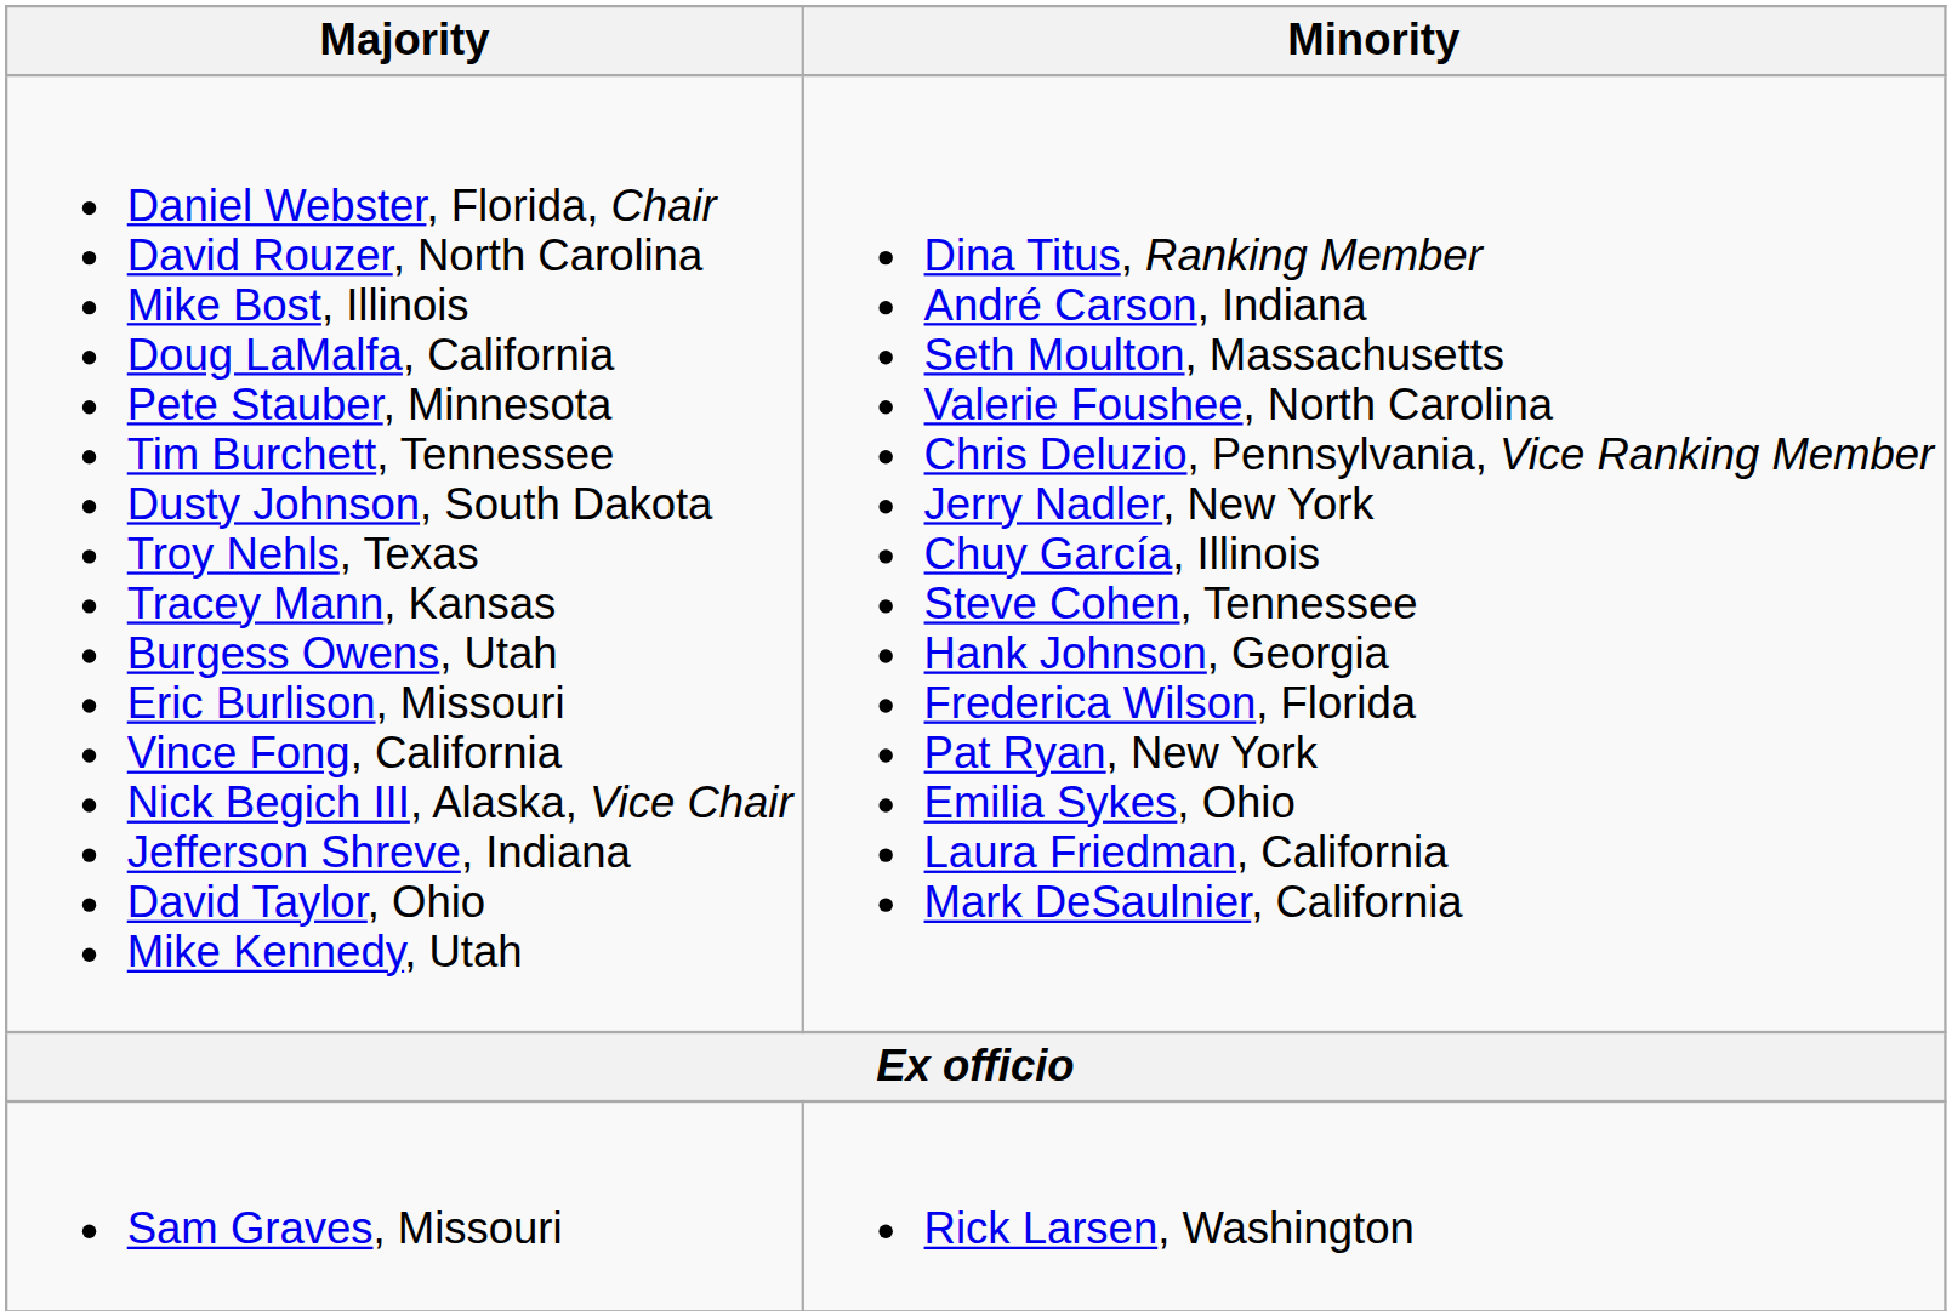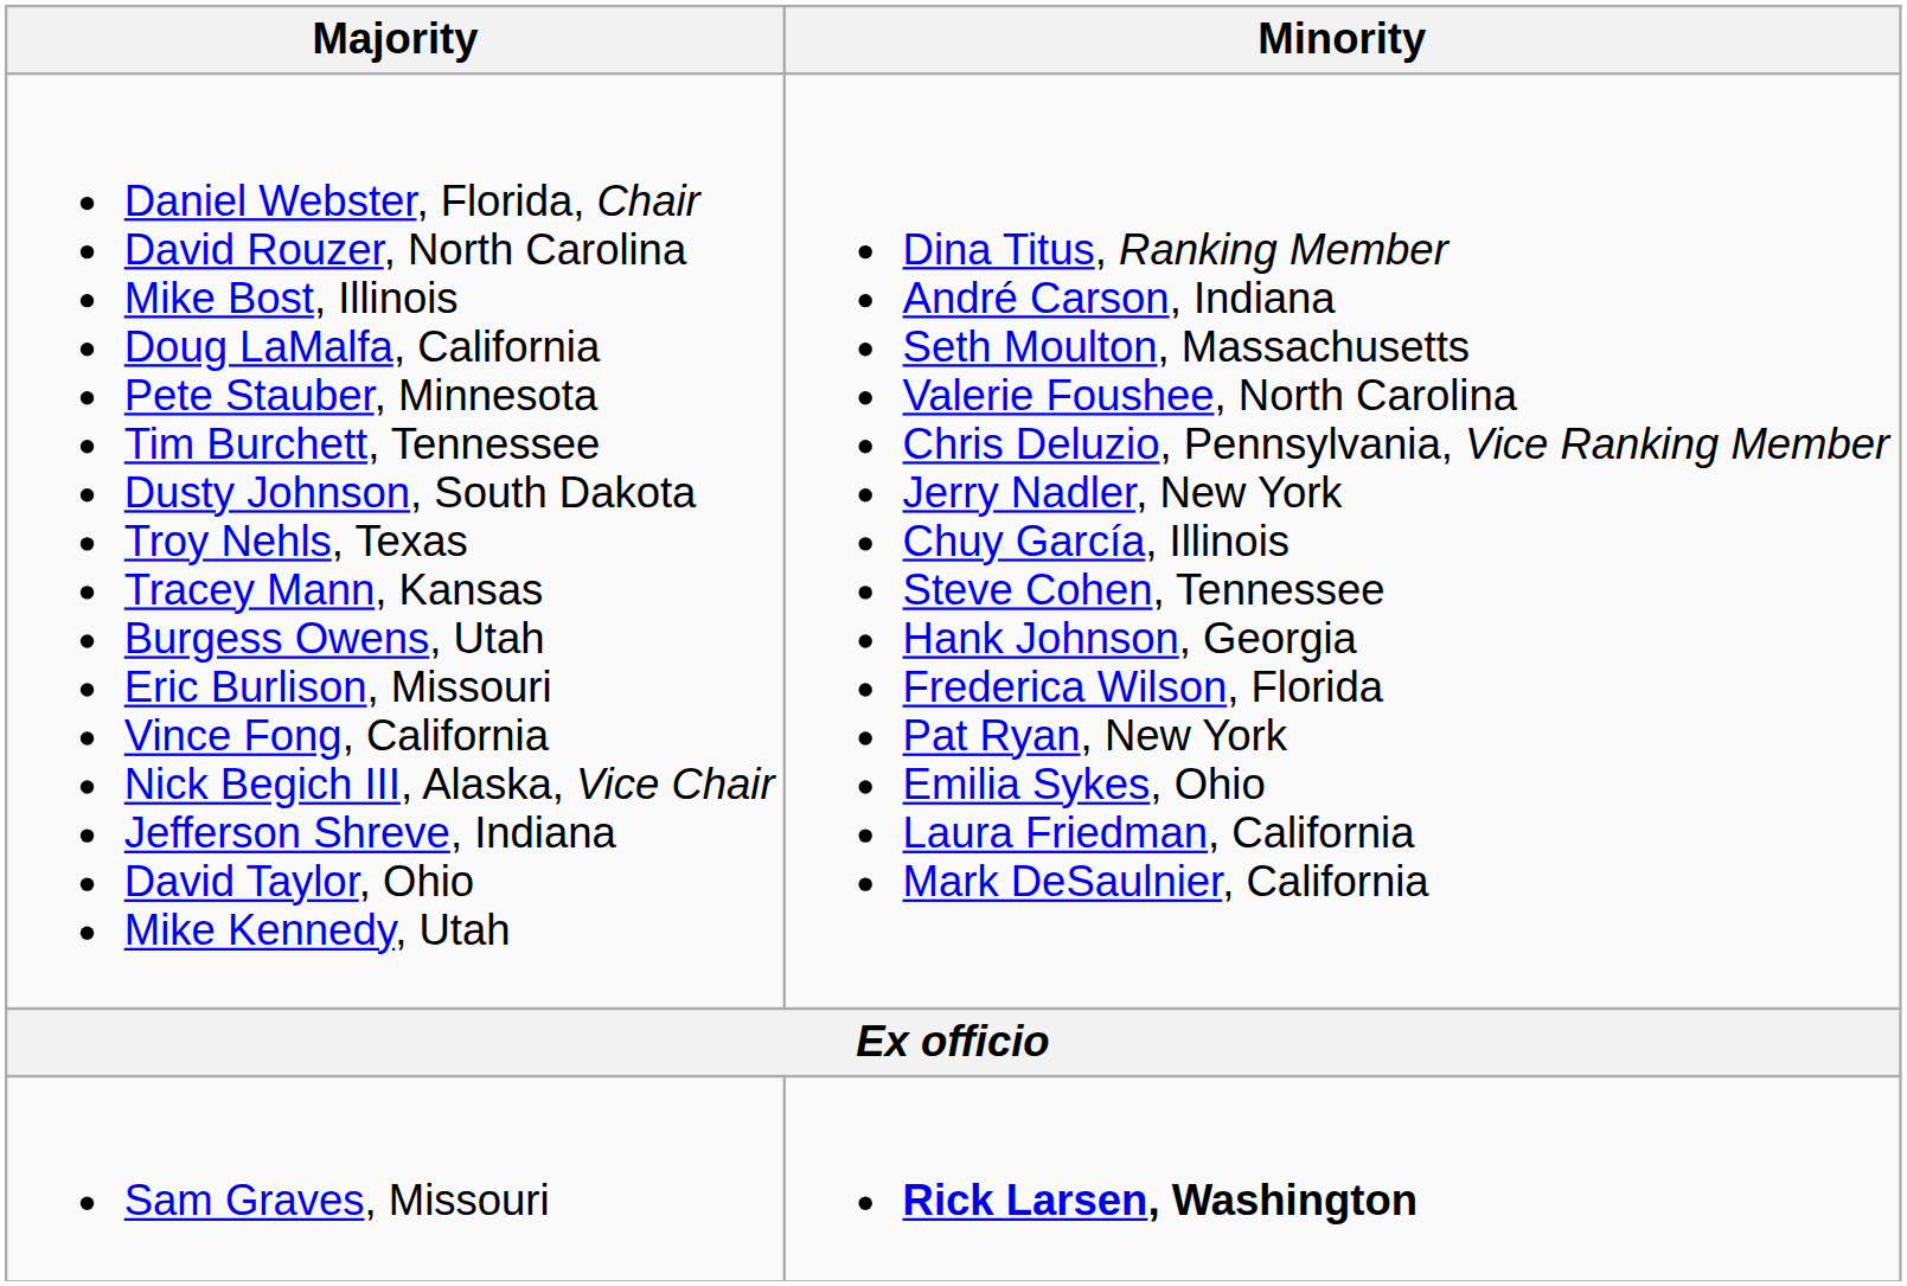 <table class=wikitable>
 <tr>
 <th>Majority</th>
 <th>Minority</th>
 </tr>
 <tr>
 <td><br><ul><li><a href='#'>Daniel Webster</a>, Florida, <em>Chair</em></li><li><a href='#'>David Rouzer</a>, North Carolina</li><li><a href='#'>Mike Bost</a>, Illinois</li><li><a href='#'>Doug LaMalfa</a>, California</li><li><a href='#'>Pete Stauber</a>, Minnesota</li><li><a href='#'>Tim Burchett</a>, Tennessee</li><li><a href='#'>Dusty Johnson</a>, South Dakota</li><li><a href='#'>Troy Nehls</a>, Texas</li><li><a href='#'>Tracey Mann</a>, Kansas</li><li><a href='#'>Burgess Owens</a>, Utah</li><li><a href='#'>Eric Burlison</a>, Missouri</li><li><a href='#'>Vince Fong</a>, California</li><li><a href='#'>Nick Begich III</a>, Alaska, <em>Vice Chair</em></li><li><a href='#'>Jefferson Shreve</a>, Indiana</li><li><a href='#'>David Taylor</a>, Ohio</li><li><a href='#'>Mike Kennedy</a>, Utah</li></ul></td>
 <td><br><ul><li><a href='#'>Dina Titus</a>, <em>Ranking Member</em></li><li><a href='#'>André Carson</a>, Indiana</li><li><a href='#'>Seth Moulton</a>, Massachusetts</li><li><a href='#'>Valerie Foushee</a>, North Carolina</li><li><a href='#'>Chris Deluzio</a>, Pennsylvania, <em>Vice Ranking Member</em></li><li><a href='#'>Jerry Nadler</a>, New York</li><li><a href='#'>Chuy García</a>, Illinois</li><li><a href='#'>Steve Cohen</a>, Tennessee</li><li><a href='#'>Hank Johnson</a>, Georgia</li><li><a href='#'>Frederica Wilson</a>, Florida</li><li><a href='#'>Pat Ryan</a>, New York</li><li><a href='#'>Emilia Sykes</a>, Ohio</li><li><a href='#'>Laura Friedman</a>, California</li><li><a href='#'>Mark DeSaulnier</a>, California</li></ul></td>
 </tr>
 <tr>
 <th colspan=2><em>Ex officio</em></th>
 </tr>
 <tr>
 <td><br><ul><li><a href='#'>Sam Graves</a>, Missouri</li></ul></td>
-<td><br><ul><li><a href='#'>Rick Larsen</a>, Washington</li></ul></td>
+<td><strong><br><ul><li><a href='#'>Rick Larsen</a>, Washington</li></ul></strong></td>
 </tr>
 </table>
